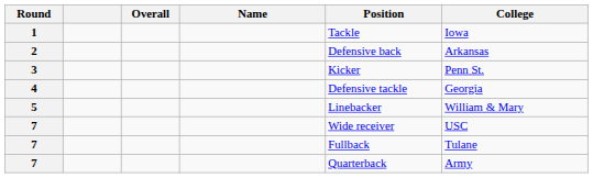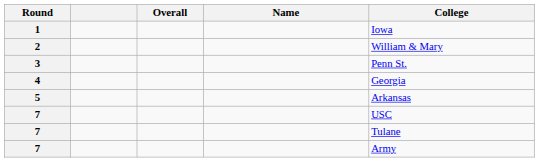 <table class="wikitable sortable" style="width: 50%;">
 <tr>
 <th scope="col" style="width: 10%;">Round</th>
 <th scope="col" style="width: 10%;"></th>
 <th scope="col" style="width: 10%;">Overall</th>
 <th scope="col" style="width: 25%;">Name</th>
-<th scope="col" style="width: 20%;">Position</th>
 <th scope="col" style="width: 25%;">College</th>
 </tr>
 <tr>
 <th scope="row">1</th>
 <td></td>
 <td></td>
 <td></td>
-<td><a href='#'>Tackle</a></td>
 <td><a href='#'>Iowa</a></td>
 </tr>
 <tr>
 <th scope="row">2</th>
 <td></td>
 <td></td>
 <td></td>
-<td><a href='#'>Defensive back</a></td>
-<td><a href='#'>Arkansas</a></td>
+<td><a href='#'>William & Mary</a></td>
 </tr>
 <tr>
 <th scope="row">3</th>
 <td></td>
 <td></td>
 <td></td>
-<td><a href='#'>Kicker</a></td>
 <td><a href='#'>Penn St.</a></td>
 </tr>
 <tr>
 <th scope="row">4</th>
 <td></td>
 <td></td>
 <td></td>
-<td><a href='#'>Defensive tackle</a></td>
 <td><a href='#'>Georgia</a></td>
 </tr>
 <tr>
 <th scope="row">5</th>
 <td></td>
 <td></td>
 <td></td>
-<td><a href='#'>Linebacker</a></td>
-<td><a href='#'>William & Mary</a></td>
+<td><a href='#'>Arkansas</a></td>
 </tr>
 <tr>
 <th scope="row">7</th>
 <td></td>
 <td></td>
 <td></td>
-<td><a href='#'>Wide receiver</a></td>
 <td><a href='#'>USC</a></td>
 </tr>
 <tr>
 <th scope="row">7</th>
 <td></td>
 <td></td>
 <td></td>
-<td><a href='#'>Fullback</a></td>
 <td><a href='#'>Tulane</a></td>
 </tr>
 <tr>
 <th scope="row">7</th>
 <td></td>
 <td></td>
 <td></td>
-<td><a href='#'>Quarterback</a></td>
 <td><a href='#'>Army</a></td>
 </tr>
 </table>
